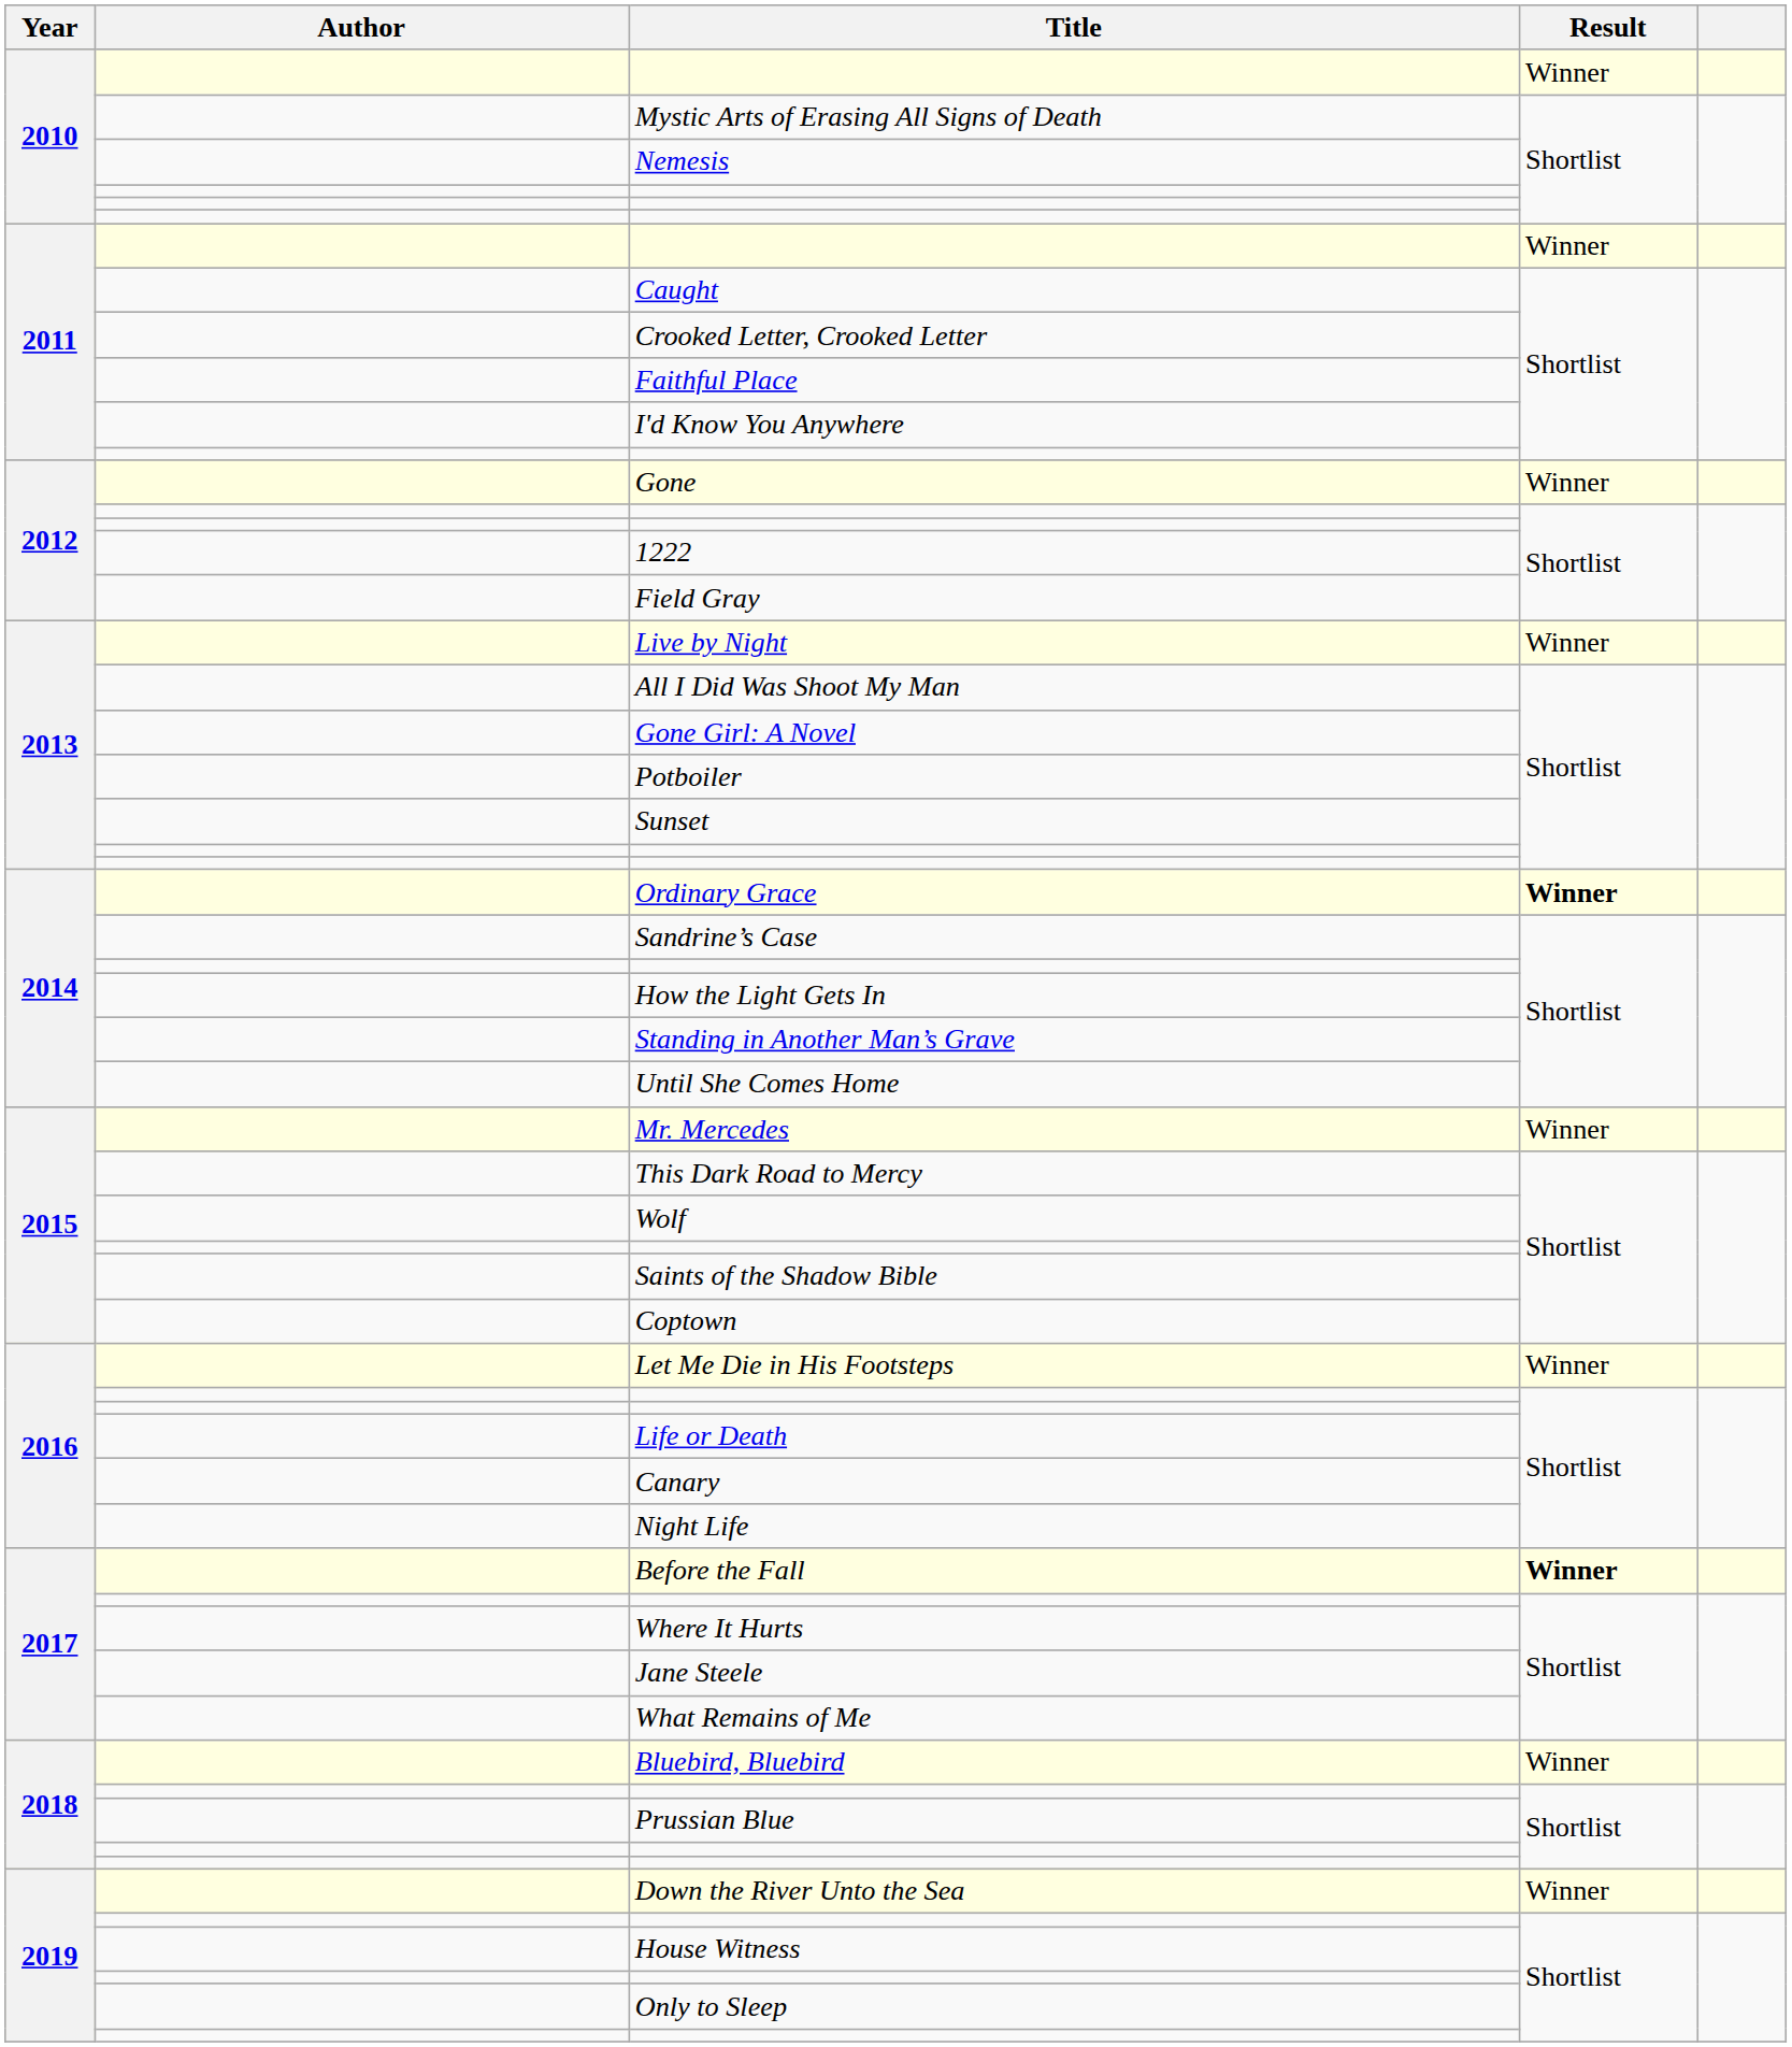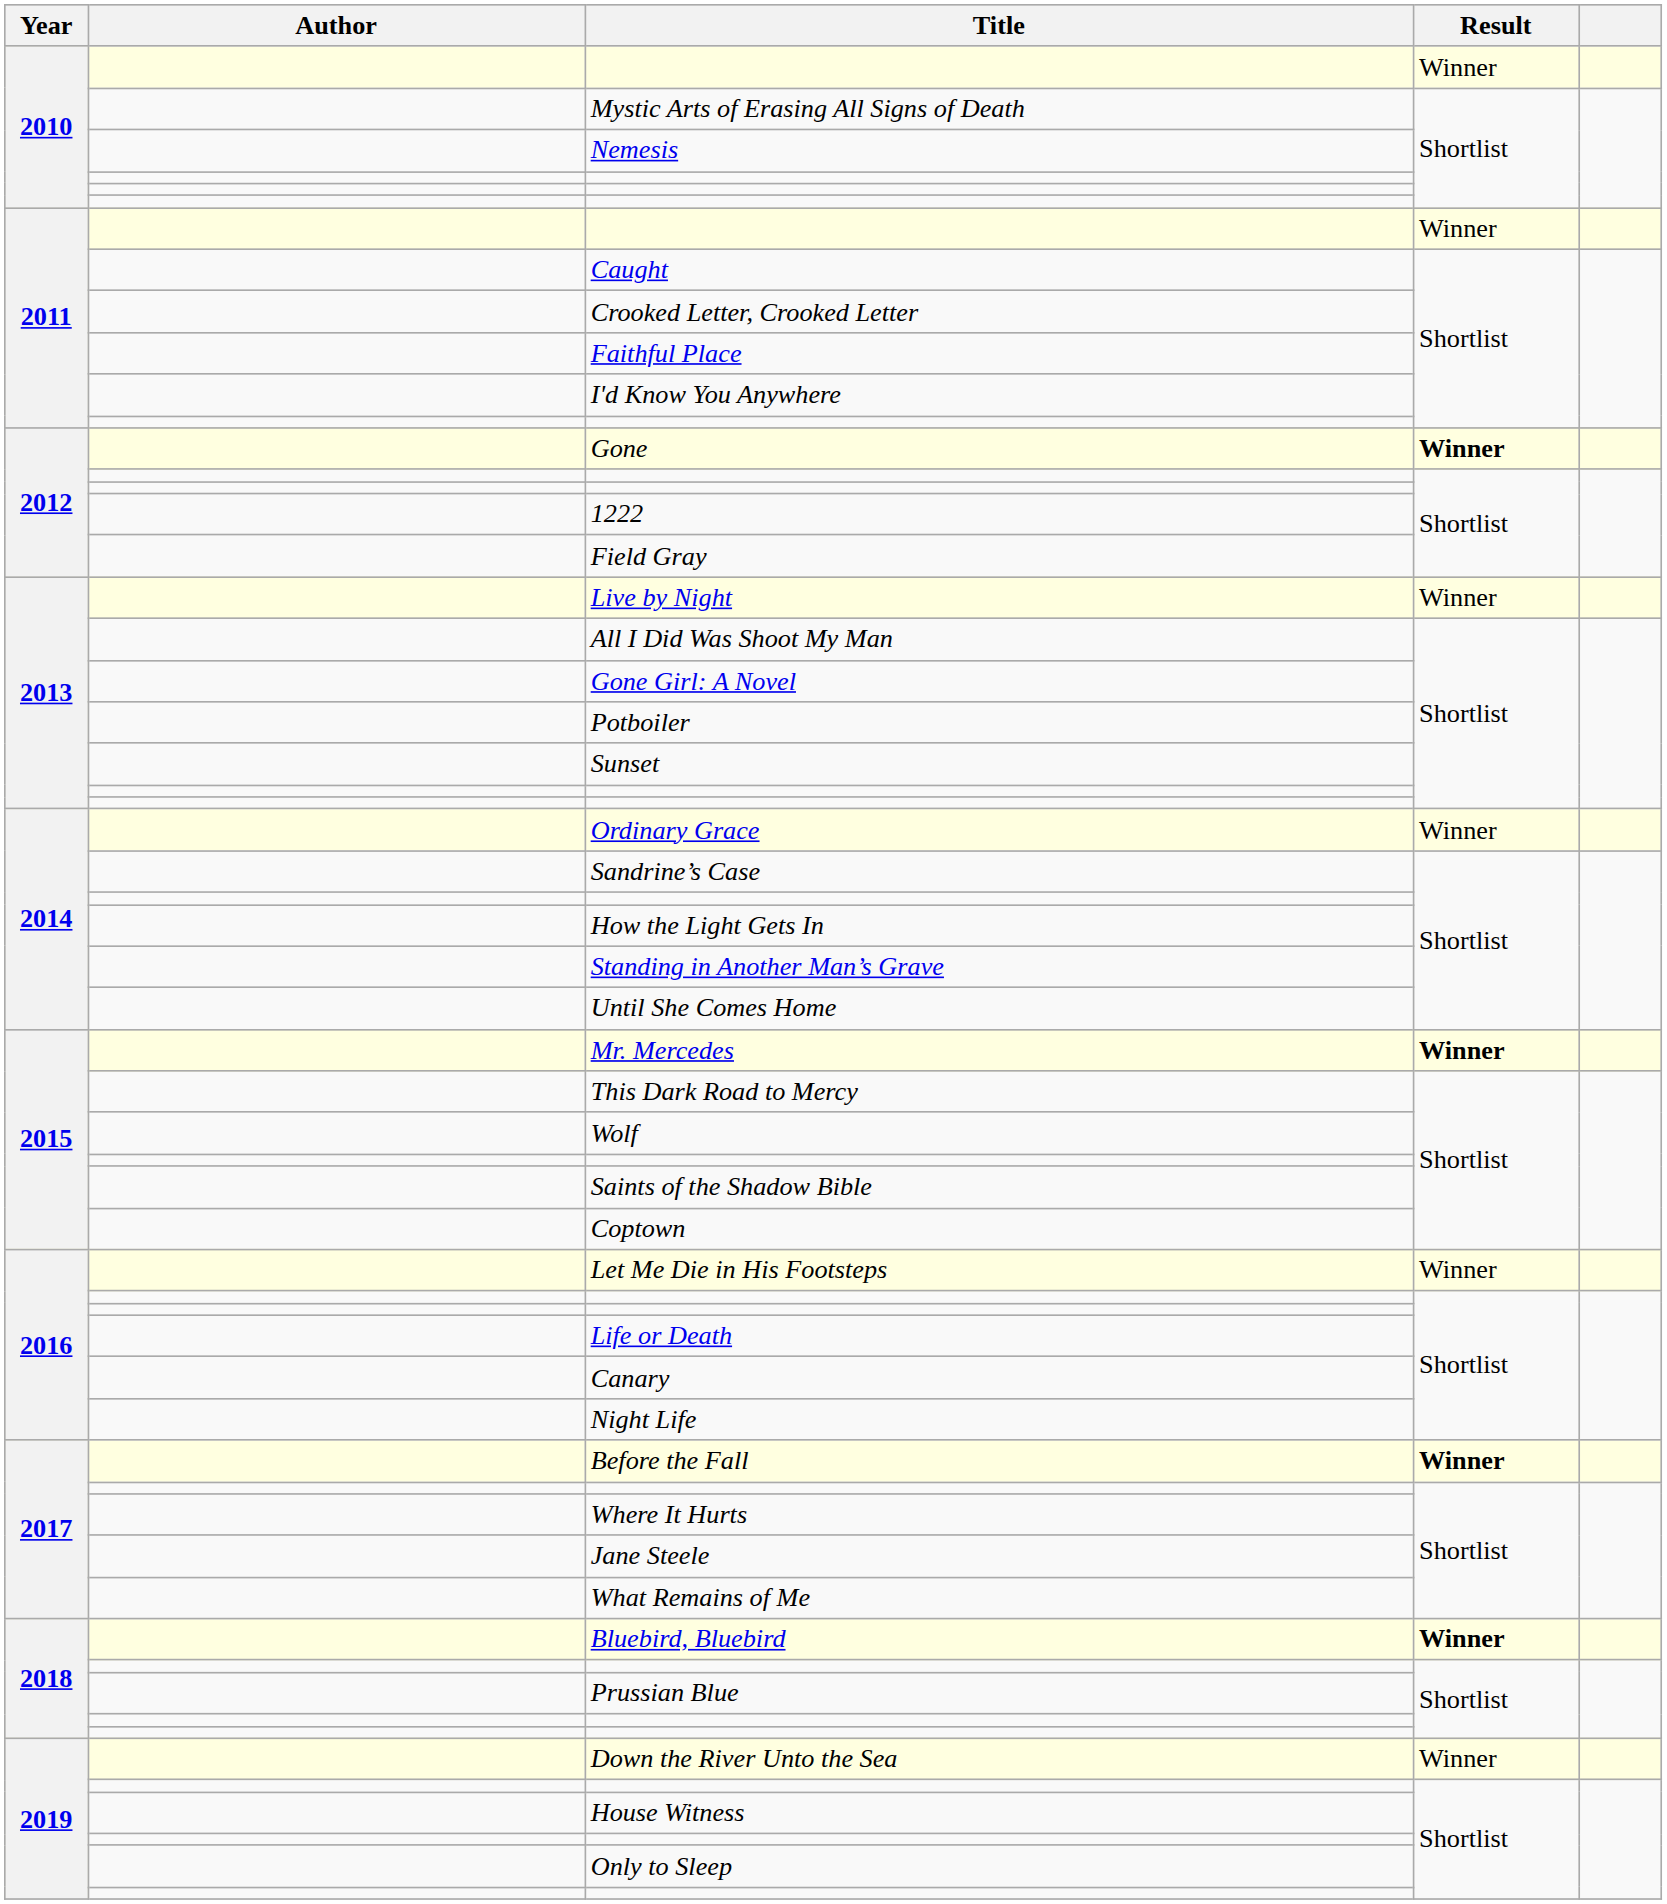 <table class="wikitable sortable mw-collapsible" style="width:80%">
 <tr>
 <th scope="col" width="5%">Year</th>
 <th scope="col" width="30%">Author</th>
 <th scope="col" width="50%">Title</th>
 <th scope="col" width="10%">Result</th>
 <th scope="col" width="5%"></th>
 </tr>
 <tr style="background:lightyellow;">
 <th rowspan="6"><a href='#'>2010</a></th>
 <td></td>
 <td></td>
 <td>Winner</td>
 <td></td>
 </tr>
 <tr>
 <td></td>
 <td><em>Mystic Arts of Erasing All Signs of Death</em></td>
 <td rowspan="5">Shortlist</td>
 <td rowspan="5"></td>
 </tr>
 <tr>
 <td></td>
 <td><em><a href='#'>Nemesis</a></em></td>
 </tr>
 <tr>
 <td></td>
 <td></td>
 </tr>
 <tr>
 <td></td>
 <td></td>
 </tr>
 <tr>
 <td></td>
 <td></td>
 </tr>
 <tr style="background:lightyellow;">
 <th rowspan="6"><a href='#'>2011</a></th>
 <td></td>
 <td></td>
 <td>Winner</td>
 <td></td>
 </tr>
 <tr>
 <td></td>
 <td><a href='#'><em>Caught</em></a></td>
 <td rowspan="5">Shortlist</td>
 <td rowspan="5"></td>
 </tr>
 <tr>
 <td></td>
 <td><em>Crooked Letter, Crooked Letter</em></td>
 </tr>
 <tr>
 <td></td>
 <td><em><a href='#'>Faithful Place</a></em></td>
 </tr>
 <tr>
 <td></td>
 <td><em>I'd Know You Anywhere</em></td>
 </tr>
 <tr>
 <td></td>
 <td></td>
 </tr>
 <tr style="background:lightyellow;">
 <th rowspan="5"><a href='#'>2012</a></th>
 <td></td>
 <td><em>Gone</em></td>
-<td>Winner</td>
+<td><strong>Winner</strong></td>
 <td></td>
 </tr>
 <tr>
 <td></td>
 <td><em></em></td>
 <td rowspan="4">Shortlist</td>
 <td rowspan="4"></td>
 </tr>
 <tr>
 <td></td>
 <td><em></em></td>
 </tr>
 <tr>
 <td></td>
 <td><em>1222</em></td>
 </tr>
 <tr>
 <td></td>
 <td><em>Field Gray</em></td>
 </tr>
 <tr style="background:lightyellow;">
 <th rowspan="7"><a href='#'>2013</a></th>
 <td></td>
 <td><em><a href='#'>Live by Night</a></em></td>
 <td>Winner</td>
 <td></td>
 </tr>
 <tr>
 <td></td>
 <td><em>All I Did Was Shoot My Man</em></td>
 <td rowspan="6">Shortlist</td>
 <td rowspan="6"></td>
 </tr>
 <tr>
 <td></td>
 <td><a href='#'><em>Gone Girl: A Novel</em></a></td>
 </tr>
 <tr>
 <td></td>
 <td><em>Potboiler</em></td>
 </tr>
 <tr>
 <td></td>
 <td><em>Sunset</em></td>
 </tr>
 <tr>
 <td></td>
 <td></td>
 </tr>
 <tr>
 <td></td>
 <td></td>
 </tr>
 <tr style="background:lightyellow;">
 <th rowspan="6"><a href='#'>2014</a></th>
 <td></td>
 <td><em><a href='#'>Ordinary Grace</a></em></td>
-<td><strong>Winner</strong></td>
+<td>Winner</td>
 <td></td>
 </tr>
 <tr>
 <td></td>
 <td><em>Sandrine’s Case</em></td>
 <td rowspan="5">Shortlist</td>
 <td rowspan="5"></td>
 </tr>
 <tr>
 <td></td>
 <td><em></em></td>
 </tr>
 <tr>
 <td></td>
 <td><em>How the Light Gets In</em></td>
 </tr>
 <tr>
 <td></td>
 <td><em><a href='#'>Standing in Another Man’s Grave</a></em></td>
 </tr>
 <tr>
 <td></td>
 <td><em>Until She Comes Home</em></td>
 </tr>
 <tr style="background:lightyellow;">
 <th rowspan="6"><a href='#'>2015</a></th>
 <td></td>
 <td><em><a href='#'>Mr. Mercedes</a></em></td>
-<td>Winner</td>
+<td><strong>Winner</strong></td>
 <td></td>
 </tr>
 <tr>
 <td></td>
 <td><em>This Dark Road to Mercy</em></td>
 <td rowspan="5">Shortlist</td>
 <td rowspan="5"></td>
 </tr>
 <tr>
 <td></td>
 <td><em>Wolf</em></td>
 </tr>
 <tr>
 <td></td>
 <td></td>
 </tr>
 <tr>
 <td></td>
 <td><em>Saints of the Shadow Bible</em></td>
 </tr>
 <tr>
 <td></td>
 <td><em>Coptown</em></td>
 </tr>
 <tr style="background:lightyellow;">
 <th rowspan="6"><a href='#'>2016</a></th>
 <td></td>
 <td><em>Let Me Die in His Footsteps</em></td>
 <td>Winner</td>
 <td></td>
 </tr>
 <tr>
 <td></td>
 <td></td>
 <td rowspan="5">Shortlist</td>
 <td rowspan="5"></td>
 </tr>
 <tr>
 <td></td>
 <td></td>
 </tr>
 <tr>
 <td></td>
 <td><em><a href='#'>Life or Death</a></em></td>
 </tr>
 <tr>
 <td></td>
 <td><em>Canary</em></td>
 </tr>
 <tr>
 <td></td>
 <td><em>Night Life</em></td>
 </tr>
 <tr style="background:lightyellow;">
 <th rowspan="5"><a href='#'>2017</a></th>
 <td></td>
 <td><em>Before the Fall</em></td>
 <td><strong>Winner</strong></td>
 <td></td>
 </tr>
 <tr>
 <td></td>
 <td></td>
 <td rowspan="4">Shortlist</td>
 <td rowspan="4"></td>
 </tr>
 <tr>
 <td></td>
 <td><em>Where It Hurts</em></td>
 </tr>
 <tr>
 <td></td>
 <td><em>Jane Steele</em></td>
 </tr>
 <tr>
 <td></td>
 <td><em>What Remains of Me</em></td>
 </tr>
 <tr style="background:lightyellow;">
 <th rowspan="5"><a href='#'>2018</a></th>
 <td></td>
 <td><em><a href='#'>Bluebird, Bluebird</a></em></td>
-<td>Winner</td>
+<td><strong>Winner</strong></td>
 <td></td>
 </tr>
 <tr>
 <td></td>
 <td></td>
 <td rowspan="4">Shortlist</td>
 <td rowspan="4"></td>
 </tr>
 <tr>
 <td></td>
 <td><em>Prussian Blue</em></td>
 </tr>
 <tr>
 <td></td>
 <td></td>
 </tr>
 <tr>
 <td></td>
 <td></td>
 </tr>
 <tr style="background:lightyellow;">
 <th rowspan="6"><a href='#'>2019</a></th>
 <td></td>
 <td><em>Down the River Unto the Sea</em></td>
 <td>Winner</td>
 <td></td>
 </tr>
 <tr>
 <td></td>
 <td></td>
 <td rowspan="5">Shortlist</td>
 <td rowspan="5"></td>
 </tr>
 <tr>
 <td></td>
 <td><em>House Witness</em></td>
 </tr>
 <tr>
 <td></td>
 <td></td>
 </tr>
 <tr>
 <td></td>
 <td><em>Only to Sleep</em></td>
 </tr>
 <tr>
 <td></td>
 <td></td>
 </tr>
 </table>
